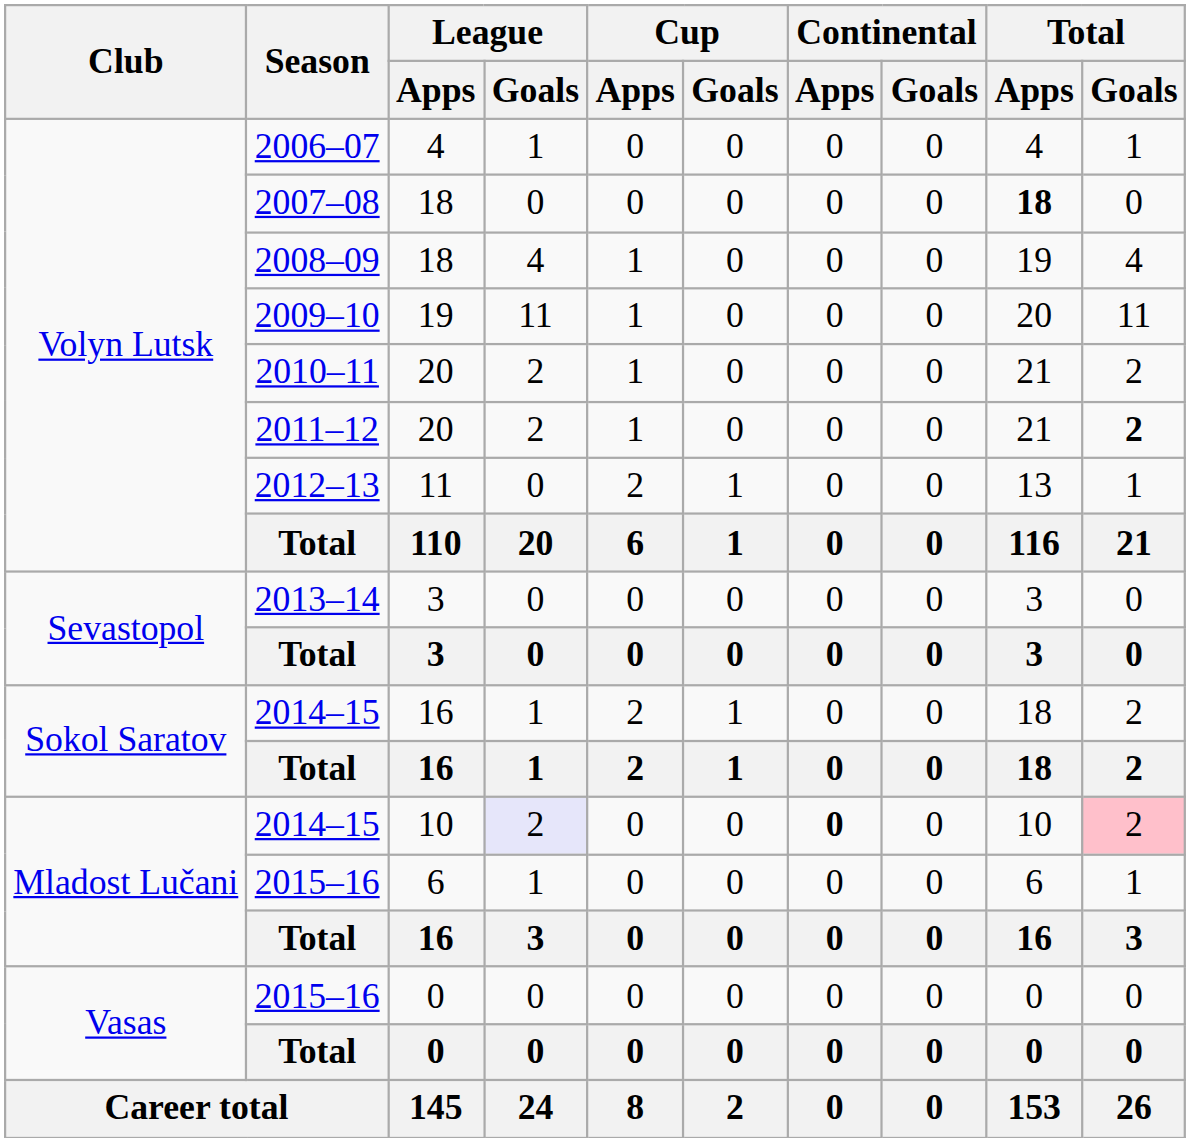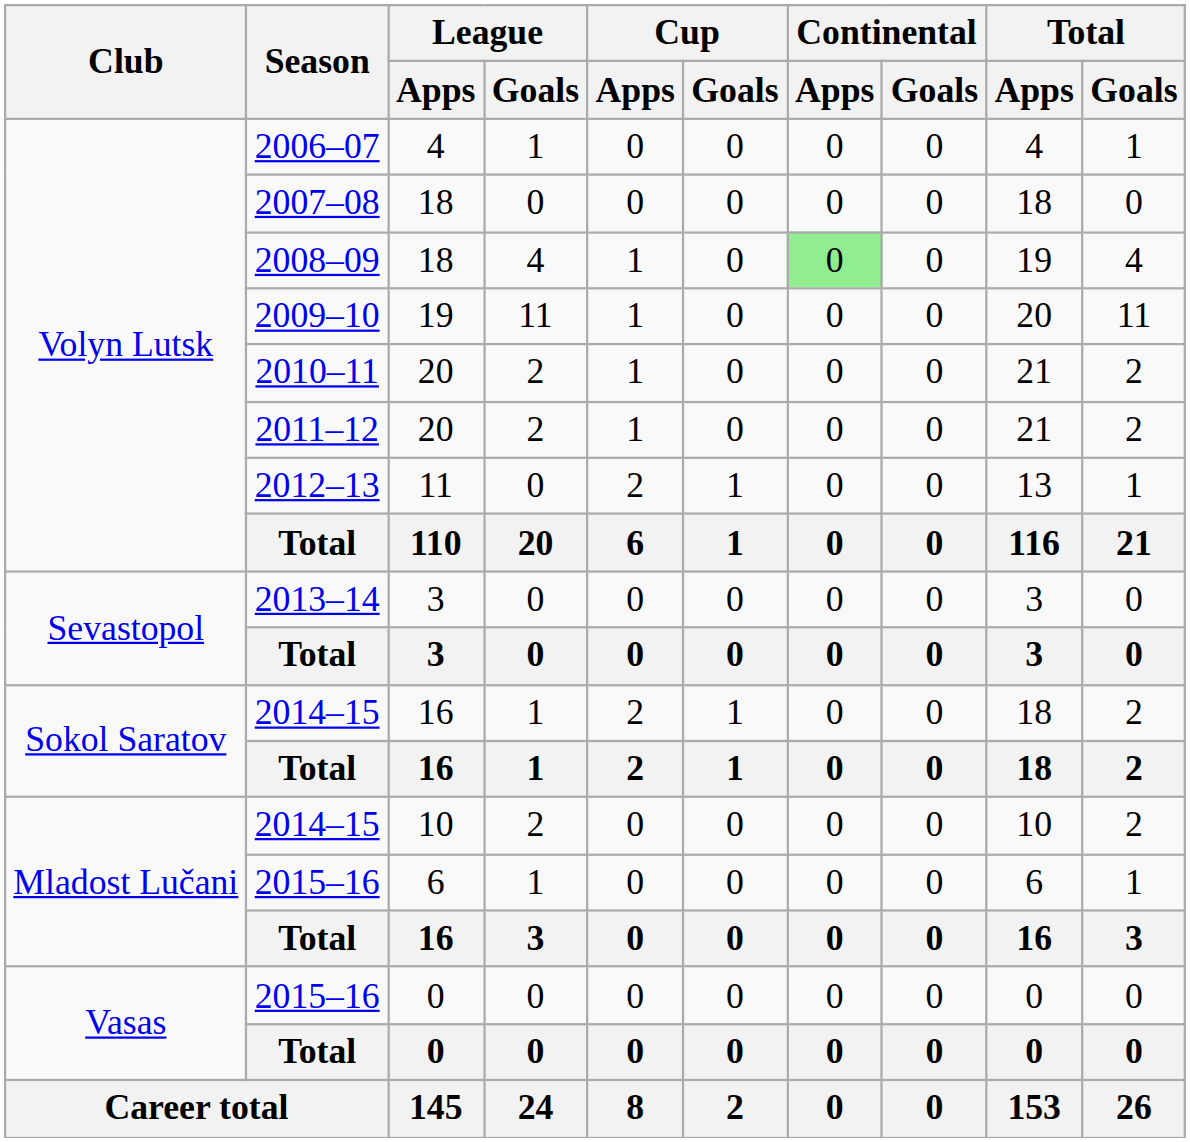 <table class="wikitable" style="text-align:center">
 <tr>
 <th rowspan="2">Club</th>
 <th rowspan="2">Season</th>
 <th colspan="2">League</th>
 <th colspan="2">Cup</th>
 <th colspan="2">Continental</th>
 <th colspan="2">Total</th>
 </tr>
 <tr>
 <th>Apps</th>
 <th>Goals</th>
 <th>Apps</th>
 <th>Goals</th>
 <th>Apps</th>
 <th>Goals</th>
 <th>Apps</th>
 <th>Goals</th>
 </tr>
 <tr>
 <td rowspan="8"><a href='#'>Volyn Lutsk</a></td>
 <td><a href='#'>2006–07</a></td>
 <td>4</td>
 <td>1</td>
 <td>0</td>
 <td>0</td>
 <td>0</td>
 <td>0</td>
 <td>4</td>
 <td>1</td>
 </tr>
 <tr>
 <td><a href='#'>2007–08</a></td>
 <td>18</td>
 <td>0</td>
 <td>0</td>
 <td>0</td>
 <td>0</td>
 <td>0</td>
-<td><strong>18</strong></td>
+<td>18</td>
 <td>0</td>
 </tr>
 <tr>
 <td><a href='#'>2008–09</a></td>
 <td>18</td>
 <td>4</td>
 <td>1</td>
 <td>0</td>
-<td>0</td>
+<td style="background: lightgreen;">0</td>
 <td>0</td>
 <td>19</td>
 <td>4</td>
 </tr>
 <tr>
 <td><a href='#'>2009–10</a></td>
 <td>19</td>
 <td>11</td>
 <td>1</td>
 <td>0</td>
 <td>0</td>
 <td>0</td>
 <td>20</td>
 <td>11</td>
 </tr>
 <tr>
 <td><a href='#'>2010–11</a></td>
 <td>20</td>
 <td>2</td>
 <td>1</td>
 <td>0</td>
 <td>0</td>
 <td>0</td>
 <td>21</td>
 <td>2</td>
 </tr>
 <tr>
 <td><a href='#'>2011–12</a></td>
 <td>20</td>
 <td>2</td>
 <td>1</td>
 <td>0</td>
 <td>0</td>
 <td>0</td>
 <td>21</td>
-<td><strong>2</strong></td>
+<td>2</td>
 </tr>
 <tr>
 <td><a href='#'>2012–13</a></td>
 <td>11</td>
 <td>0</td>
 <td>2</td>
 <td>1</td>
 <td>0</td>
 <td>0</td>
 <td>13</td>
 <td>1</td>
 </tr>
 <tr>
 <th>Total</th>
 <th>110</th>
 <th>20</th>
 <th>6</th>
 <th>1</th>
 <th>0</th>
 <th>0</th>
 <th>116</th>
 <th>21</th>
 </tr>
 <tr>
 <td rowspan="2"><a href='#'>Sevastopol</a></td>
 <td><a href='#'>2013–14</a></td>
 <td>3</td>
 <td>0</td>
 <td>0</td>
 <td>0</td>
 <td>0</td>
 <td>0</td>
 <td>3</td>
 <td>0</td>
 </tr>
 <tr>
 <th>Total</th>
 <th>3</th>
 <th>0</th>
 <th>0</th>
 <th>0</th>
 <th>0</th>
 <th>0</th>
 <th>3</th>
 <th>0</th>
 </tr>
 <tr>
 <td rowspan="2"><a href='#'>Sokol Saratov</a></td>
 <td><a href='#'>2014–15</a></td>
 <td>16</td>
 <td>1</td>
 <td>2</td>
 <td>1</td>
 <td>0</td>
 <td>0</td>
 <td>18</td>
 <td>2</td>
 </tr>
 <tr>
 <th>Total</th>
 <th>16</th>
 <th>1</th>
 <th>2</th>
 <th>1</th>
 <th>0</th>
 <th>0</th>
 <th>18</th>
 <th>2</th>
 </tr>
 <tr>
 <td rowspan="3"><a href='#'>Mladost Lučani</a></td>
 <td><a href='#'>2014–15</a></td>
 <td>10</td>
-<td style="background: lavender;">2</td>
+<td>2</td>
 <td>0</td>
 <td>0</td>
-<td><strong>0</strong></td>
+<td>0</td>
 <td>0</td>
 <td>10</td>
-<td style="background: pink;">2</td>
+<td>2</td>
 </tr>
 <tr>
 <td><a href='#'>2015–16</a></td>
 <td>6</td>
 <td>1</td>
 <td>0</td>
 <td>0</td>
 <td>0</td>
 <td>0</td>
 <td>6</td>
 <td>1</td>
 </tr>
 <tr>
 <th>Total</th>
 <th>16</th>
 <th>3</th>
 <th>0</th>
 <th>0</th>
 <th>0</th>
 <th>0</th>
 <th>16</th>
 <th>3</th>
 </tr>
 <tr>
 <td rowspan="2"><a href='#'>Vasas</a></td>
 <td><a href='#'>2015–16</a></td>
 <td>0</td>
 <td>0</td>
 <td>0</td>
 <td>0</td>
 <td>0</td>
 <td>0</td>
 <td>0</td>
 <td>0</td>
 </tr>
 <tr>
 <th>Total</th>
 <th>0</th>
 <th>0</th>
 <th>0</th>
 <th>0</th>
 <th>0</th>
 <th>0</th>
 <th>0</th>
 <th>0</th>
 </tr>
 <tr>
 <th colspan="2">Career total</th>
 <th>145</th>
 <th>24</th>
 <th>8</th>
 <th>2</th>
 <th>0</th>
 <th>0</th>
 <th>153</th>
 <th>26</th>
 </tr>
 </table>
